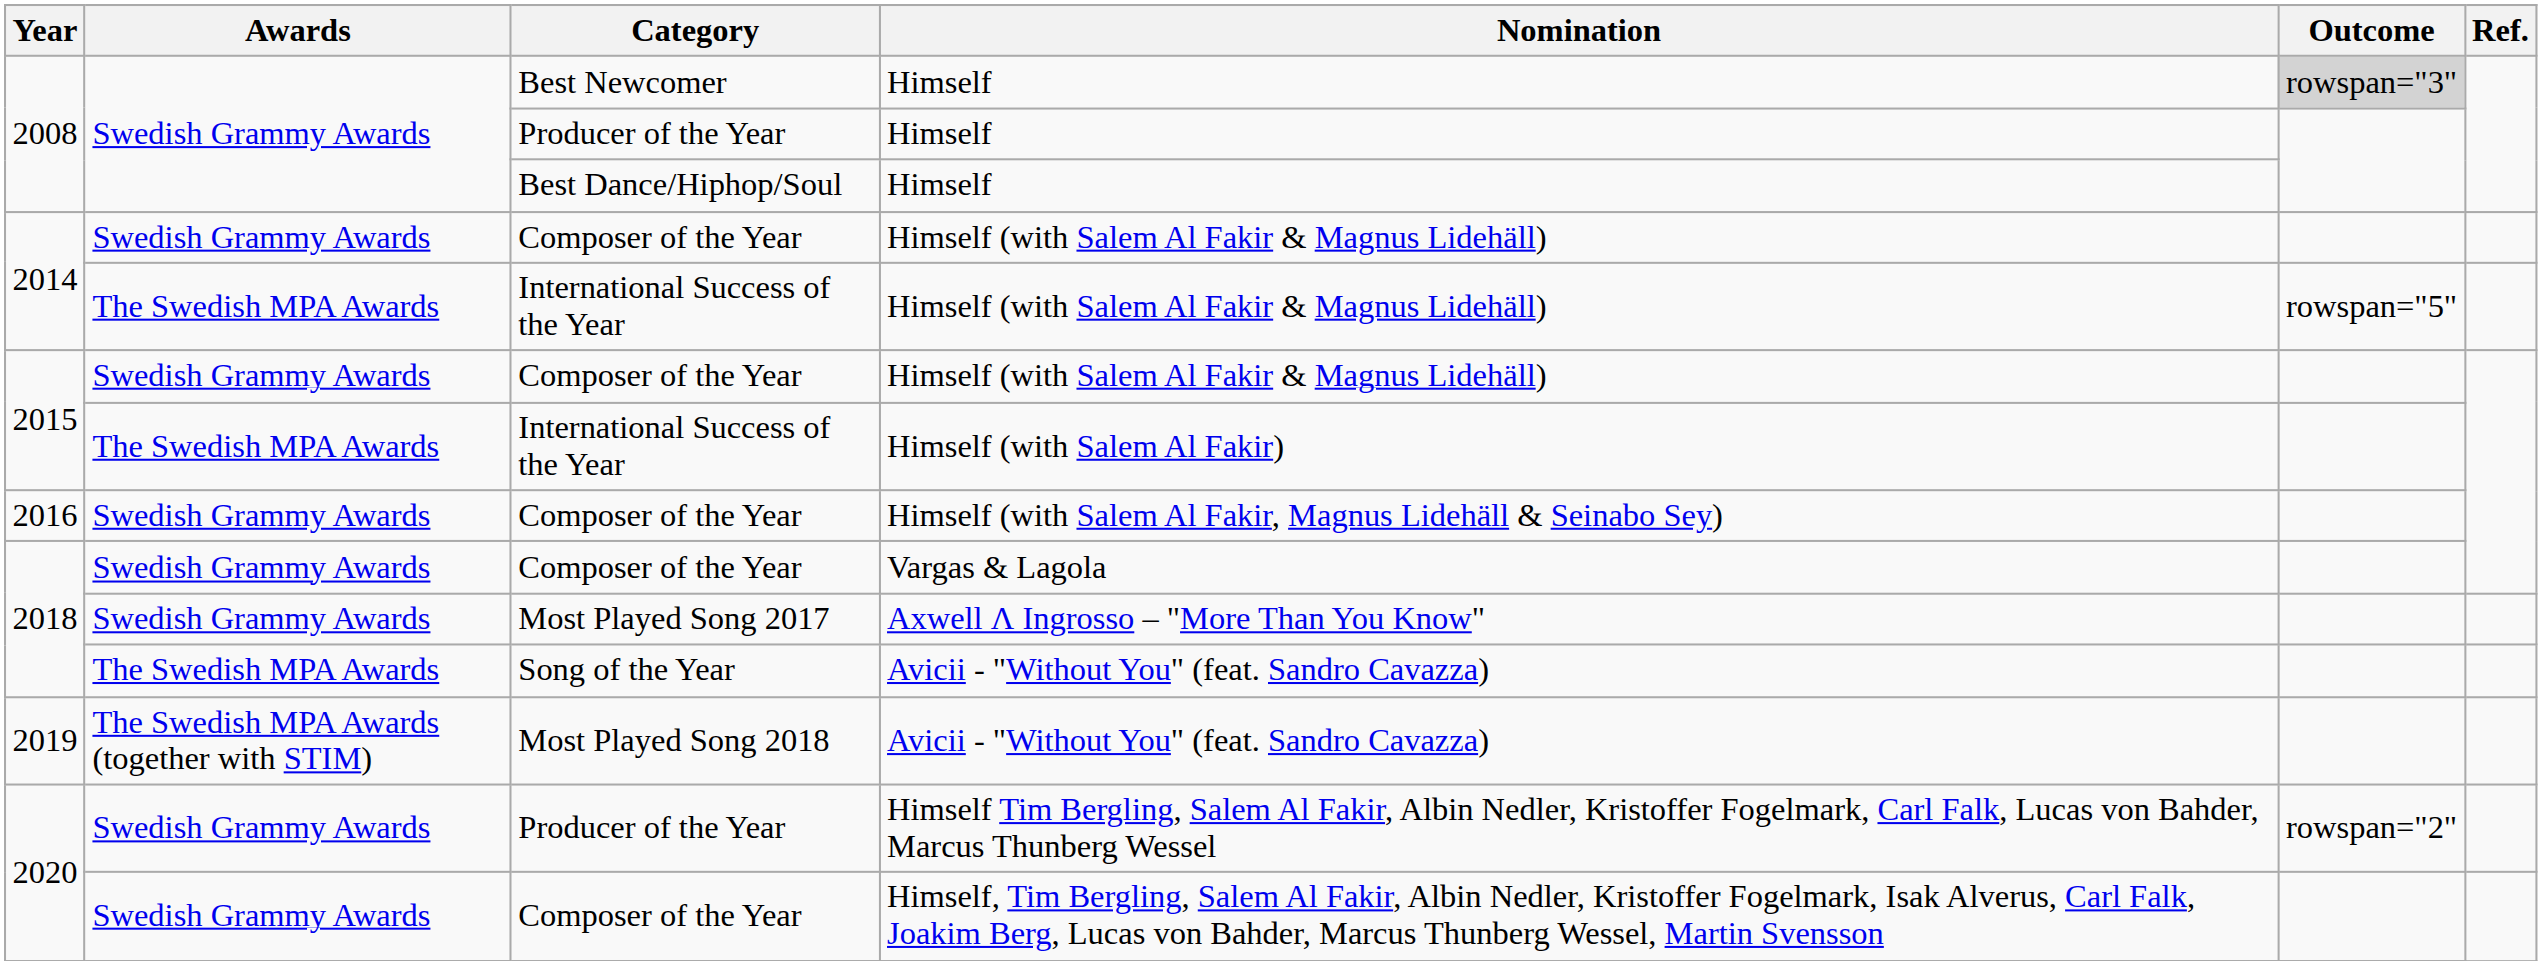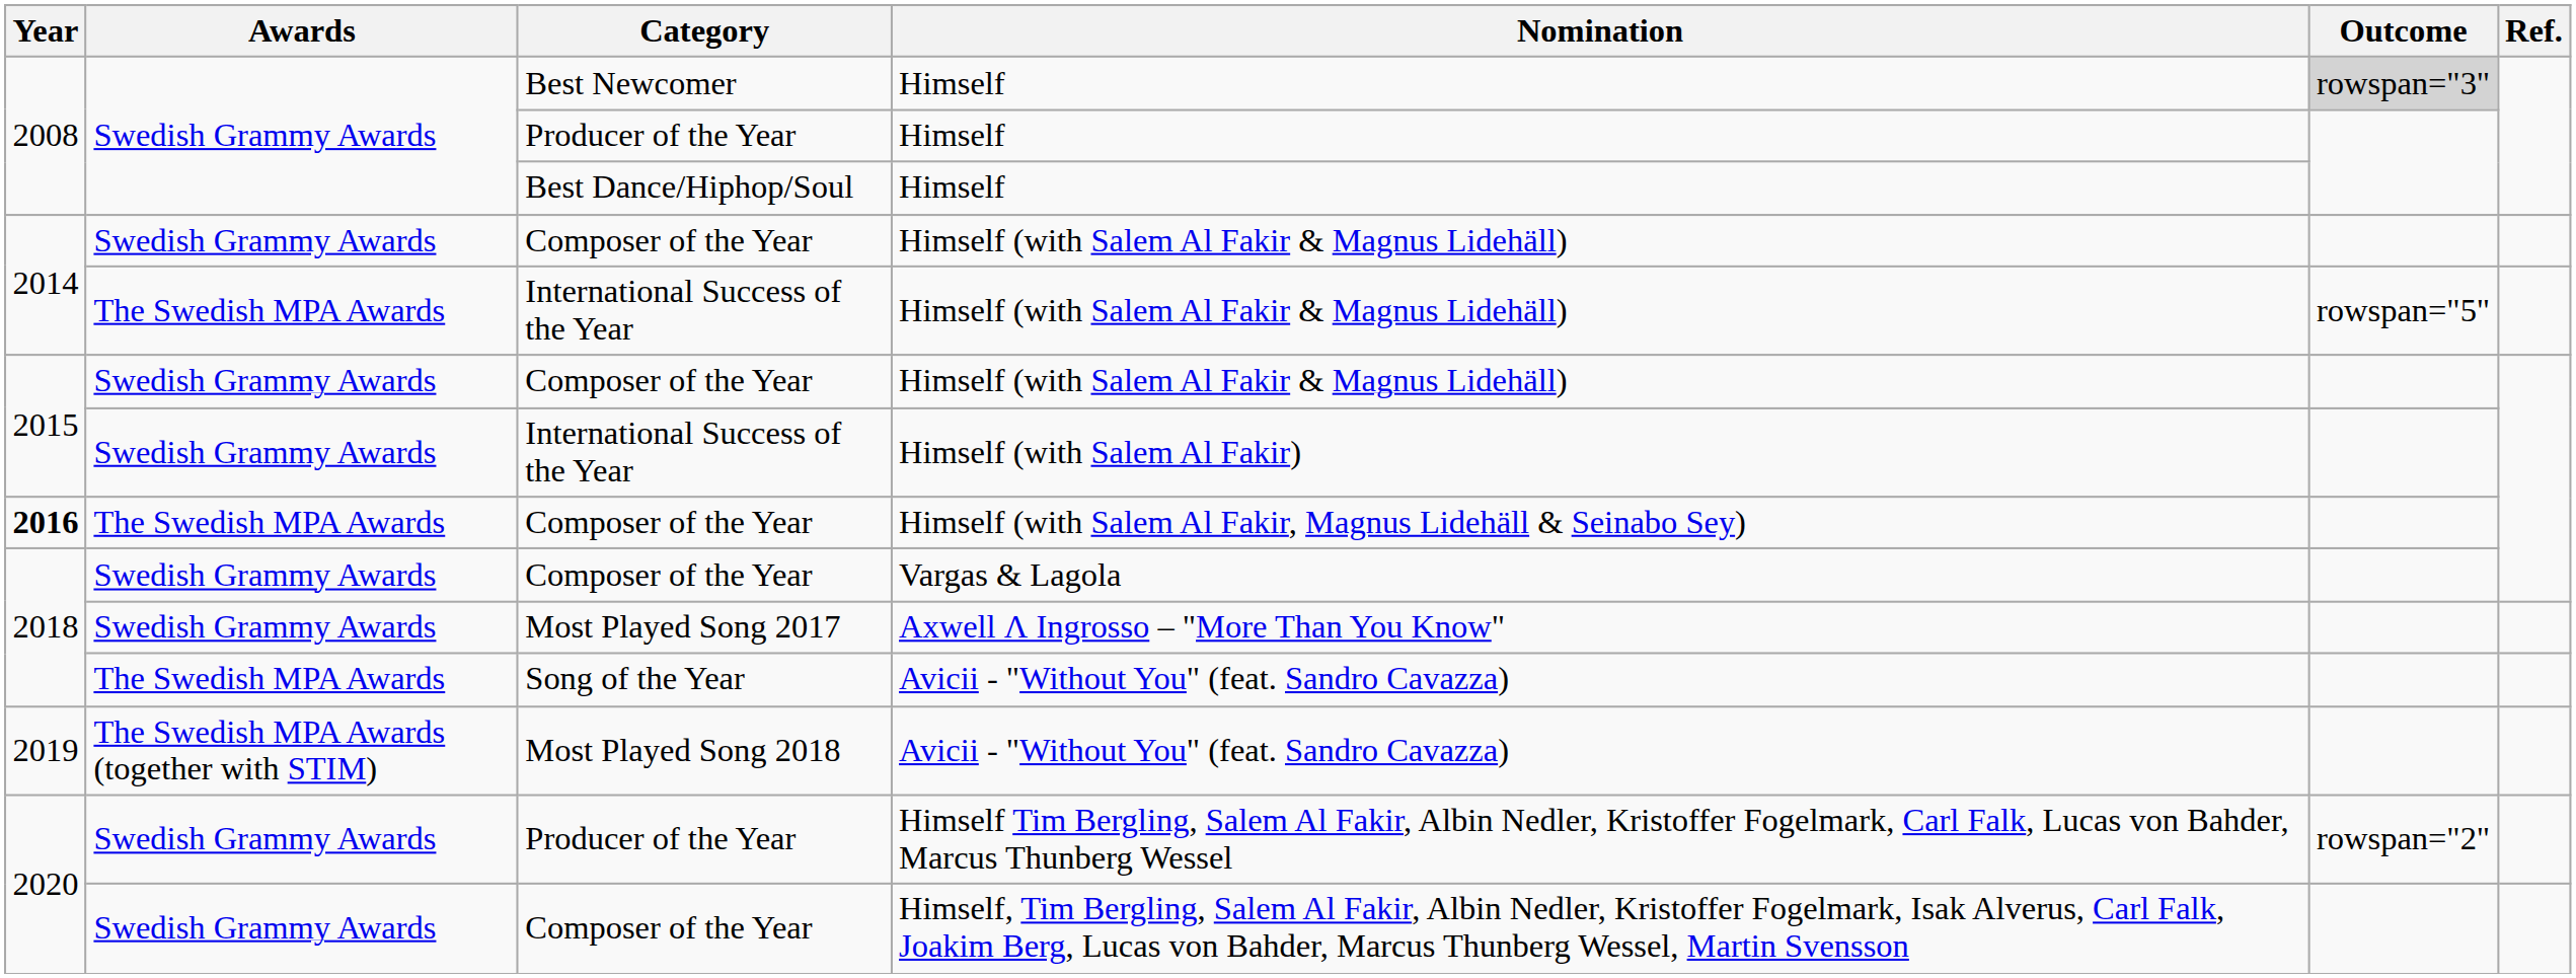 <table class="wikitable sortable">
 <tr>
 <th>Year</th>
 <th>Awards</th>
 <th>Category</th>
 <th>Nomination</th>
 <th>Outcome</th>
 <th>Ref.</th>
 </tr>
 <tr>
 <td rowspan="3">2008</td>
 <td rowspan="3"><a href='#'>Swedish Grammy Awards</a></td>
 <td>Best Newcomer</td>
 <td>Himself</td>
 <td style="background: lightgrey;">rowspan="3" </td>
 <td rowspan="3"></td>
 </tr>
 <tr>
 <td>Producer of the Year</td>
 <td>Himself</td>
 </tr>
 <tr>
 <td>Best Dance/Hiphop/Soul</td>
 <td>Himself</td>
 </tr>
 <tr>
 <td rowspan="2">2014</td>
 <td><a href='#'>Swedish Grammy Awards</a></td>
 <td>Composer of the Year</td>
 <td>Himself (with <a href='#'>Salem Al Fakir</a> & <a href='#'>Magnus Lidehäll</a>)</td>
 <td></td>
 <td></td>
 </tr>
 <tr>
 <td><a href='#'>The Swedish MPA Awards</a></td>
 <td>International Success of the Year</td>
 <td>Himself (with <a href='#'>Salem Al Fakir</a> & <a href='#'>Magnus Lidehäll</a>)</td>
 <td>rowspan="5" </td>
 <td></td>
 </tr>
 <tr>
 <td rowspan="2">2015</td>
 <td><a href='#'>Swedish Grammy Awards</a></td>
 <td>Composer of the Year</td>
 <td>Himself (with <a href='#'>Salem Al Fakir</a> & <a href='#'>Magnus Lidehäll</a>)</td>
 <td></td>
 </tr>
 <tr>
-<td><a href='#'>The Swedish MPA Awards</a></td>
+<td><a href='#'>Swedish Grammy Awards</a></td>
 <td>International Success of the Year</td>
 <td>Himself (with <a href='#'>Salem Al Fakir</a>)</td>
 <td></td>
 </tr>
 <tr>
-<td>2016</td>
-<td><a href='#'>Swedish Grammy Awards</a></td>
+<td><strong>2016</strong></td>
+<td><a href='#'>The Swedish MPA Awards</a></td>
 <td>Composer of the Year</td>
 <td>Himself (with <a href='#'>Salem Al Fakir</a>, <a href='#'>Magnus Lidehäll</a> & <a href='#'>Seinabo Sey</a>)</td>
 <td></td>
 </tr>
 <tr>
 <td rowspan="3">2018</td>
 <td><a href='#'>Swedish Grammy Awards</a></td>
 <td>Composer of the Year</td>
 <td>Vargas & Lagola</td>
 <td></td>
 </tr>
 <tr>
 <td><a href='#'>Swedish Grammy Awards</a></td>
 <td>Most Played Song 2017</td>
 <td><a href='#'>Axwell Ʌ Ingrosso</a> – "<a href='#'>More Than You Know</a>"</td>
 <td></td>
 <td></td>
 </tr>
 <tr>
 <td><a href='#'>The Swedish MPA Awards</a></td>
 <td>Song of the Year</td>
 <td><a href='#'>Avicii</a> - "<a href='#'>Without You</a>" (feat. <a href='#'>Sandro Cavazza</a>)</td>
 <td></td>
 <td></td>
 </tr>
 <tr>
 <td rowspan="1">2019</td>
 <td><a href='#'>The Swedish MPA Awards</a> (together with <a href='#'>STIM</a>)</td>
 <td>Most Played Song 2018</td>
 <td><a href='#'>Avicii</a> - "<a href='#'>Without You</a>" (feat. <a href='#'>Sandro Cavazza</a>)</td>
 <td></td>
 <td></td>
 </tr>
 <tr>
 <td rowspan="2">2020</td>
 <td><a href='#'>Swedish Grammy Awards</a></td>
 <td>Producer of the Year</td>
 <td>Himself <a href='#'>Tim Bergling</a>, <a href='#'>Salem Al Fakir</a>, Albin Nedler, Kristoffer Fogelmark, <a href='#'>Carl Falk</a>, Lucas von Bahder, Marcus Thunberg Wessel</td>
 <td>rowspan="2" </td>
 <td></td>
 </tr>
 <tr>
 <td><a href='#'>Swedish Grammy Awards</a></td>
 <td>Composer of the Year</td>
 <td>Himself, <a href='#'>Tim Bergling</a>, <a href='#'>Salem Al Fakir</a>, Albin Nedler, Kristoffer Fogelmark, Isak Alverus, <a href='#'>Carl Falk</a>, <a href='#'>Joakim Berg</a>, Lucas von Bahder, Marcus Thunberg Wessel, <a href='#'>Martin Svensson</a></td>
 <td></td>
 </tr>
 <tr>
 </tr>
 </table>
